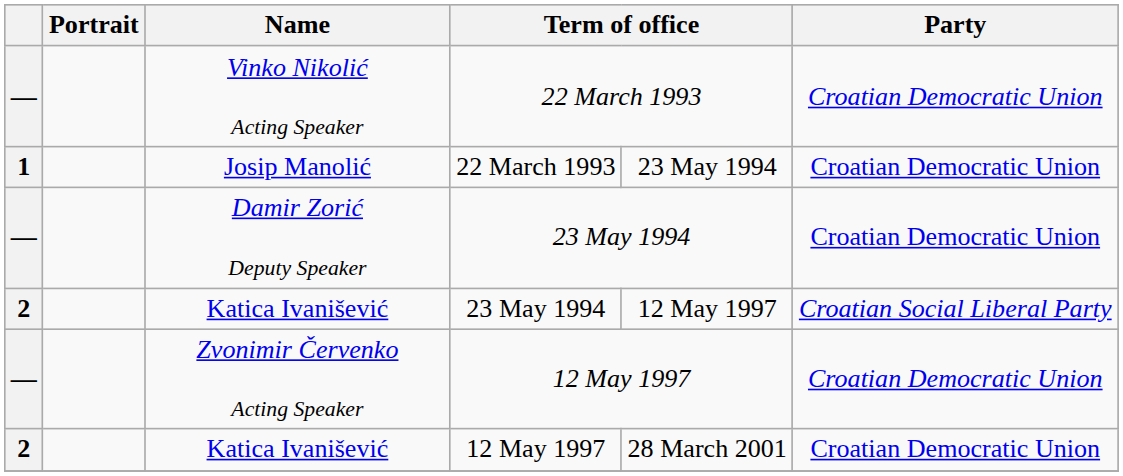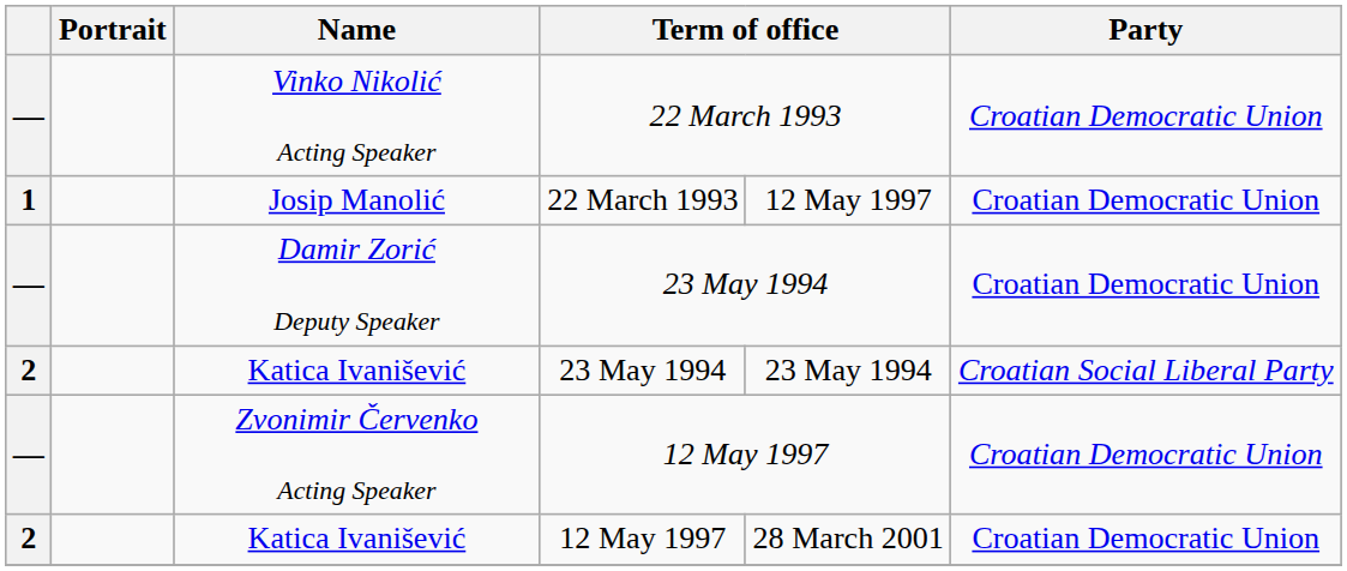 <table class="wikitable" style="text-align:center">
 <tr ->
 <th></th>
 <th>Portrait</th>
 <th width=180>Name<br></th>
 <th colspan=2>Term of office</th>
 <th>Party</th>
 </tr>
 <tr ->
 <th style="background:">—</th>
 <td></td>
 <td><em><a href='#'>Vinko Nikolić</a></em><br><em></em><br><small><em>Acting Speaker</em></small></td>
 <td colspan=2><em>22 March 1993</em></td>
 <td><em><a href='#'>Croatian Democratic Union</a></em></td>
 </tr>
 <tr ->
 <th style="background:">1</th>
 <td></td>
 <td><a href='#'>Josip Manolić</a><br></td>
 <td>22 March 1993</td>
-<td>23 May 1994</td>
+<td>12 May 1997</td>
 <td><a href='#'>Croatian Democratic Union</a></td>
 </tr>
 <tr ->
 <th style="background:">—</th>
 <td></td>
 <td><em><a href='#'>Damir Zorić</a></em><br><em></em><br> <small><em>Deputy Speaker</em></small></td>
 <td colspan=2><em>23 May 1994</em></td>
 <td><a href='#'>Croatian Democratic Union</a></td>
 </tr>
 <tr ->
 <th style="background:">2</th>
 <td></td>
 <td><a href='#'>Katica Ivanišević</a><br></td>
 <td>23 May 1994</td>
-<td>12 May 1997</td>
+<td>23 May 1994</td>
 <td><em><a href='#'>Croatian Social Liberal Party</a></em></td>
 </tr>
 <tr ->
 <th style="background:">—</th>
 <td></td>
 <td><em><a href='#'>Zvonimir Červenko</a></em><br><em></em><br> <small><em>Acting Speaker</em></small></td>
 <td colspan=2><em>12 May 1997</em></td>
 <td><em><a href='#'>Croatian Democratic Union</a></em></td>
 </tr>
 <tr ->
 <th style="background:">2</th>
 <td></td>
 <td><a href='#'>Katica Ivanišević</a><br></td>
 <td>12 May 1997</td>
 <td>28 March 2001</td>
 <td><a href='#'>Croatian Democratic Union</a></td>
 </tr>
 <tr ->
 </tr>
 </table>
